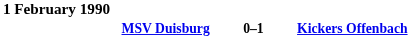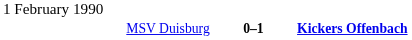 <table width=100% cellspacing=1>
 <tr>
 <th width=25%></th>
 <th width=10%></th>
 <th width=25%></th>
 <th></th>
 </tr>
 <tr>
-<td><strong>1 February 1990</strong></td>
+<td>1 February 1990</td>
 </tr>
 <tr style=font-size:90%>
-<td align=right><strong><a href='#'>MSV Duisburg</a></strong></td>
+<td align=right><a href='#'>MSV Duisburg</a></td>
 <td align=center><strong>0–1</strong></td>
 <td><strong><a href='#'>Kickers Offenbach</a></strong></td>
 </tr>
 </table>
